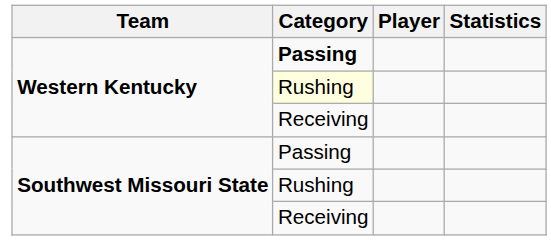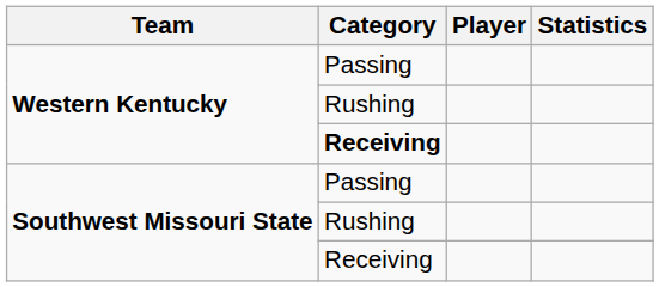 <table class="wikitable" style="float: right;">
 <tr>
 <th>Team</th>
 <th>Category</th>
 <th>Player</th>
 <th>Statistics</th>
 </tr>
 <tr>
 <td rowspan=3><strong>Western Kentucky</strong></td>
-<td><strong>Passing</strong></td>
+<td>Passing</td>
 <td></td>
 <td></td>
 </tr>
 <tr>
-<td style="background: lightyellow;">Rushing</td>
+<td>Rushing</td>
 <td></td>
 <td></td>
 </tr>
 <tr>
-<td>Receiving</td>
+<td><strong>Receiving</strong></td>
 <td></td>
 <td></td>
 </tr>
 <tr>
 <td rowspan=3><strong>Southwest Missouri State</strong></td>
 <td>Passing</td>
 <td></td>
 <td></td>
 </tr>
 <tr>
 <td>Rushing</td>
 <td></td>
 <td></td>
 </tr>
 <tr>
 <td>Receiving</td>
 <td></td>
 <td></td>
 </tr>
 </table>
